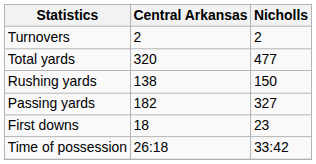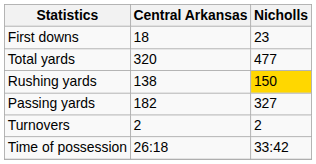 <table class="wikitable">
 <tr>
 <th>Statistics</th>
 <th>Central Arkansas</th>
 <th>Nicholls</th>
 </tr>
 <tr>
-<td>Turnovers</td>
-<td>2</td>
-<td>2</td>
+<td>First downs</td>
+<td>18</td>
+<td>23</td>
 </tr>
 <tr>
 <td>Total yards</td>
 <td>320</td>
 <td>477</td>
 </tr>
 <tr>
 <td>Rushing yards</td>
 <td>138</td>
-<td>150</td>
+<td style="background: gold;">150</td>
 </tr>
 <tr>
 <td>Passing yards</td>
 <td>182</td>
 <td>327</td>
 </tr>
 <tr>
-<td>First downs</td>
-<td>18</td>
-<td>23</td>
+<td>Turnovers</td>
+<td>2</td>
+<td>2</td>
 </tr>
 <tr>
 <td>Time of possession</td>
 <td>26:18</td>
 <td>33:42</td>
 </tr>
 <tr>
 </tr>
 </table>
